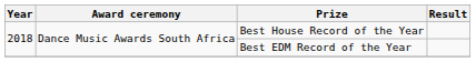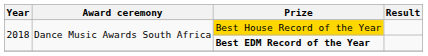 <table class ="wikitable">
 <tr>
 <th>Year</th>
 <th>Award ceremony</th>
 <th>Prize</th>
 <th>Result</th>
 </tr>
 <tr>
 <td rowspan="2">2018</td>
 <td rowspan="2"=>Dance Music Awards South Africa</td>
-<td>Best House Record of the Year</td>
+<td style="background: gold;">Best House Record of the Year</td>
 <td></td>
 </tr>
 <tr>
-<td>Best EDM Record of the Year</td>
+<td><strong>Best EDM Record of the Year</strong></td>
 <td></td>
 </tr>
 <tr>
 </tr>
 </table>
